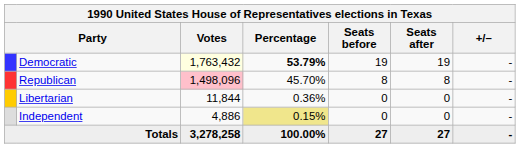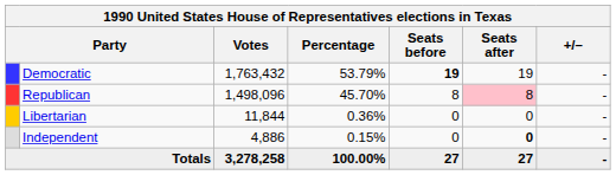 <table class="wikitable" style="font-size: 95%;">
 <tr>
 <th colspan="7">1990 United States House of Representatives elections in Texas</th>
 </tr>
 <tr>
 <th colspan=2 style="width: 15em">Party</th>
 <th style="width: 5em">Votes</th>
 <th style="width: 7em">Percentage</th>
 <th style="width: 5em">Seats before</th>
 <th style="width: 5em">Seats after</th>
 <th style="width: 5em">+/–</th>
 </tr>
 <tr>
 <th style="background-color:#3333FF; width: 3px"></th>
 <td style="width: 130px"><a href='#'>Democratic</a></td>
-<td align="right" style="background: lightyellow;">1,763,432</td>
-<td align="right"><strong>53.79%</strong></td>
-<td align="right">19</td>
+<td align="right">1,763,432</td>
+<td align="right">53.79%</td>
+<td align="right"><strong>19</strong></td>
 <td align="right">19</td>
 <td align="right">-</td>
 </tr>
 <tr>
 <th style="background-color:#FF3333; width: 3px"></th>
 <td style="width: 130px"><a href='#'>Republican</a></td>
-<td align="right" style="background: pink;">1,498,096</td>
+<td align="right">1,498,096</td>
 <td align="right">45.70%</td>
 <td align="right">8</td>
-<td align="right">8</td>
+<td align="right" style="background: pink;">8</td>
 <td align="right">-</td>
 </tr>
 <tr>
 <th style="background-color:#FFCC00; width: 3px"></th>
 <td style="width: 130px"><a href='#'>Libertarian</a></td>
 <td align="right">11,844</td>
 <td align="right">0.36%</td>
 <td align="right">0</td>
 <td align="right">0</td>
 <td align="right">-</td>
 </tr>
 <tr>
 <th style="background-color:#DDDDDD; width: 3px"></th>
 <td style="width: 130px"><a href='#'>Independent</a></td>
 <td align="right">4,886</td>
-<td align="right" style="background: khaki;">0.15%</td>
+<td align="right">0.15%</td>
 <td align="right">0</td>
-<td align="right">0</td>
+<td align="right"><strong>0</strong></td>
 <td align="right">-</td>
 </tr>
 <tr bgcolor="#EEEEEE">
 <td colspan="2" align="right"><strong>Totals</strong></td>
 <td align="right"><strong>3,278,258</strong></td>
 <td align="right"><strong>100.00%</strong></td>
 <td align="right"><strong>27</strong></td>
 <td align="right"><strong>27</strong></td>
 <td align="right"><strong>-</strong></td>
 </tr>
 </table>
